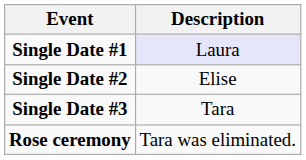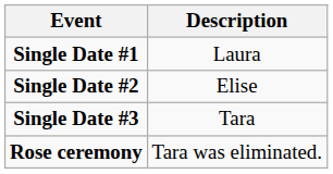 <table class="wikitable sortable" style="text-align:center;">
 <tr>
 <th>Event</th>
 <th>Description</th>
 </tr>
 <tr>
 <td><strong>Single Date #1</strong></td>
-<td style="background: lavender;">Laura</td>
+<td>Laura</td>
 </tr>
 <tr>
 <td><strong>Single Date #2</strong></td>
 <td>Elise</td>
 </tr>
 <tr>
 <td><strong>Single Date #3</strong></td>
 <td>Tara</td>
 </tr>
 <tr>
 <td><strong>Rose ceremony</strong></td>
 <td>Tara was eliminated.</td>
 </tr>
 </table>
